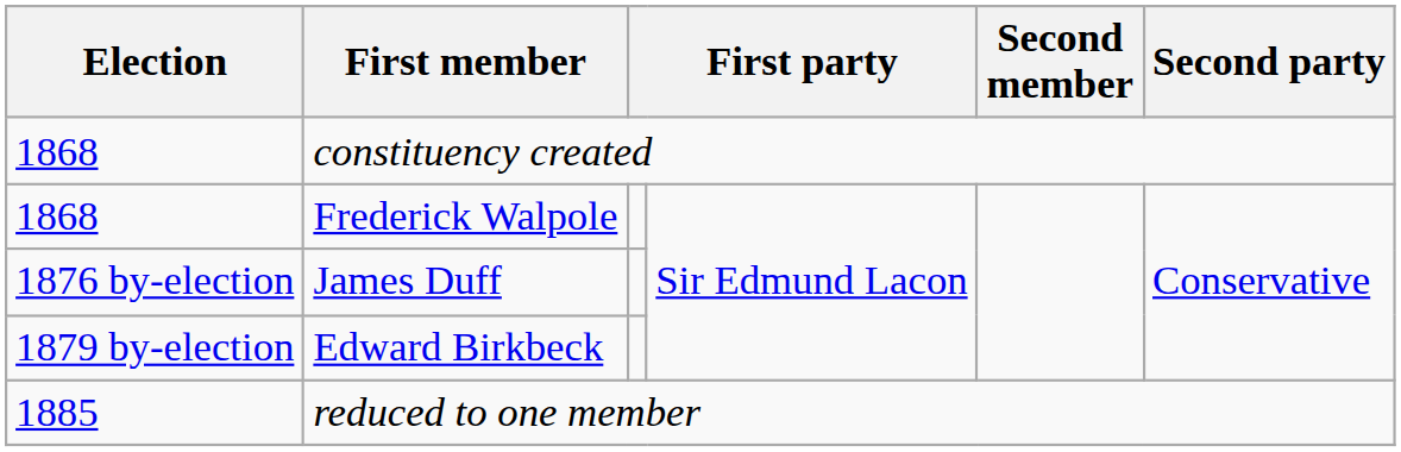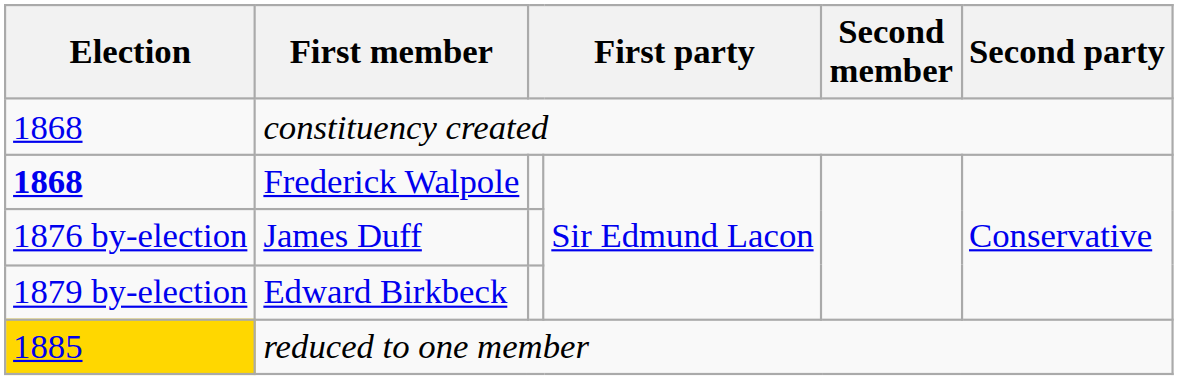 <table class="wikitable">
 <tr>
 <th>Election</th>
 <th>First member</th>
 <th colspan=2>First party</th>
 <th>Second member</th>
 <th colspan=2>Second party</th>
 </tr>
 <tr>
 <td><a href='#'>1868</a></td>
 <td colspan="6"><em>constituency created</em></td>
 </tr>
 <tr>
-<td><a href='#'>1868</a></td>
+<td><strong><a href='#'>1868</a></strong></td>
 <td><a href='#'>Frederick Walpole</a></td>
 <td></td>
 <td rowspan="3"><a href='#'>Sir Edmund Lacon</a></td>
 <td rowspan="3" style="width: 2px; background-color:"></td>
 <td rowspan="3"><a href='#'>Conservative</a></td>
 </tr>
 <tr>
 <td><a href='#'>1876 by-election</a></td>
 <td><a href='#'>James Duff</a></td>
 <td></td>
 </tr>
 <tr>
 <td><a href='#'>1879 by-election</a></td>
 <td><a href='#'>Edward Birkbeck</a></td>
 <td></td>
 </tr>
 <tr>
-<td><a href='#'>1885</a></td>
+<td style="background: gold;"><a href='#'>1885</a></td>
 <td colspan="6"><em>reduced to one member</em></td>
 </tr>
 </table>
